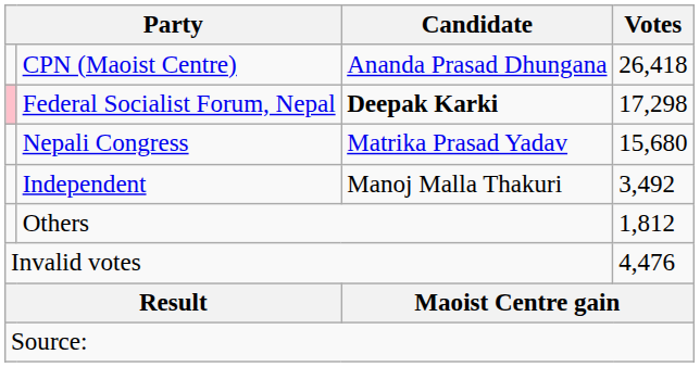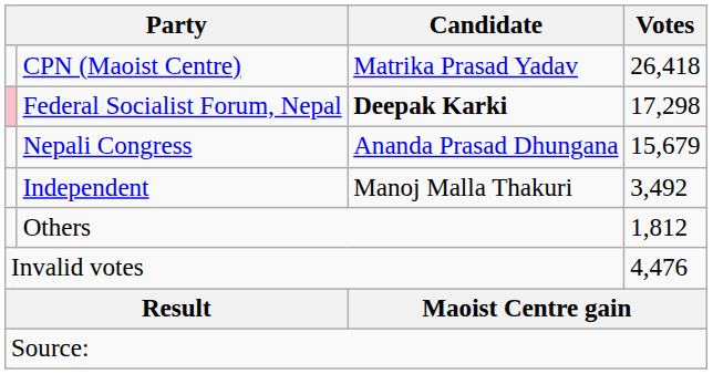 <table class="wikitable">
 <tr>
 <th colspan="2">Party</th>
 <th>Candidate</th>
 <th>Votes</th>
 </tr>
 <tr>
 <td style="background-color:"></td>
 <td><a href='#'>CPN (Maoist Centre)</a></td>
-<td><a href='#'>Ananda Prasad Dhungana</a></td>
+<td><a href='#'>Matrika Prasad Yadav</a></td>
 <td>26,418</td>
 </tr>
 <tr>
 <td style="background-color:#ffc0cb"></td>
 <td><a href='#'>Federal Socialist Forum, Nepal</a></td>
 <td><strong>Deepak Karki</strong></td>
 <td>17,298</td>
 </tr>
 <tr>
 <td style="background-color:"></td>
 <td><a href='#'>Nepali Congress</a></td>
-<td><a href='#'>Matrika Prasad Yadav</a></td>
-<td>15,680</td>
+<td><a href='#'>Ananda Prasad Dhungana</a></td>
+<td>15,679</td>
 </tr>
 <tr>
 <td style="background-color:"></td>
 <td><a href='#'>Independent</a></td>
 <td>Manoj Malla Thakuri</td>
 <td>3,492</td>
 </tr>
 <tr>
 <td></td>
 <td colspan="2">Others</td>
 <td>1,812</td>
 </tr>
 <tr>
 <td colspan="3">Invalid votes</td>
 <td>4,476</td>
 </tr>
 <tr>
 <th colspan="2">Result</th>
 <th colspan="2">Maoist Centre gain</th>
 </tr>
 <tr>
 <td colspan="4">Source: </td>
 </tr>
 </table>
